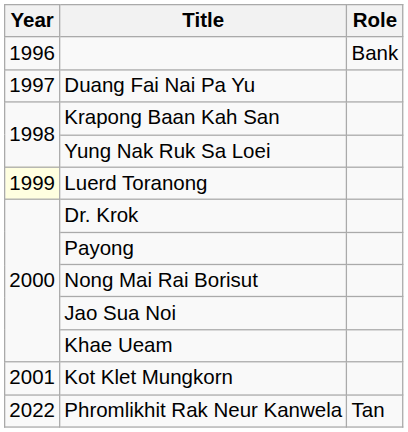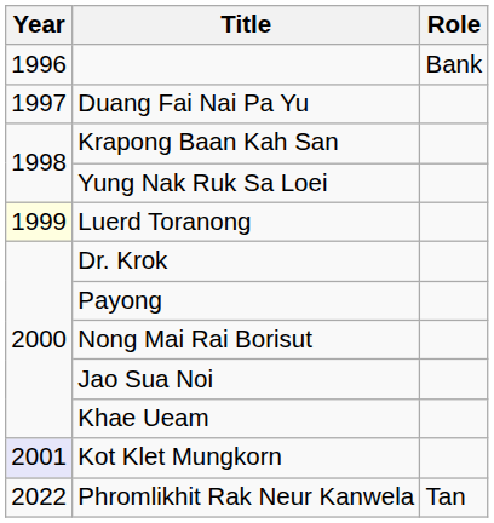 <table class="wikitable">
 <tr>
 <th>Year</th>
 <th>Title</th>
 <th>Role</th>
 </tr>
 <tr>
 <td>1996</td>
 <td></td>
 <td>Bank</td>
 </tr>
 <tr>
 <td>1997</td>
 <td>Duang Fai Nai Pa Yu</td>
 <td></td>
 </tr>
 <tr>
 <td rowspan = "2">1998</td>
 <td>Krapong Baan Kah San</td>
 <td></td>
 </tr>
 <tr>
 <td>Yung Nak Ruk Sa Loei</td>
 <td></td>
 </tr>
 <tr>
 <td style="background: lightyellow;">1999</td>
 <td>Luerd Toranong</td>
 <td></td>
 </tr>
 <tr>
 <td rowspan = "5">2000</td>
 <td>Dr. Krok</td>
 <td></td>
 </tr>
 <tr>
 <td>Payong</td>
 <td></td>
 </tr>
 <tr>
 <td>Nong Mai Rai Borisut</td>
 <td></td>
 </tr>
 <tr>
 <td>Jao Sua Noi</td>
 <td></td>
 </tr>
 <tr>
 <td>Khae Ueam</td>
 <td></td>
 </tr>
 <tr>
-<td>2001</td>
+<td style="background: lavender;">2001</td>
 <td>Kot Klet Mungkorn</td>
 <td></td>
 </tr>
 <tr>
 <td>2022</td>
 <td>Phromlikhit Rak Neur Kanwela</td>
 <td>Tan</td>
 </tr>
 </table>
